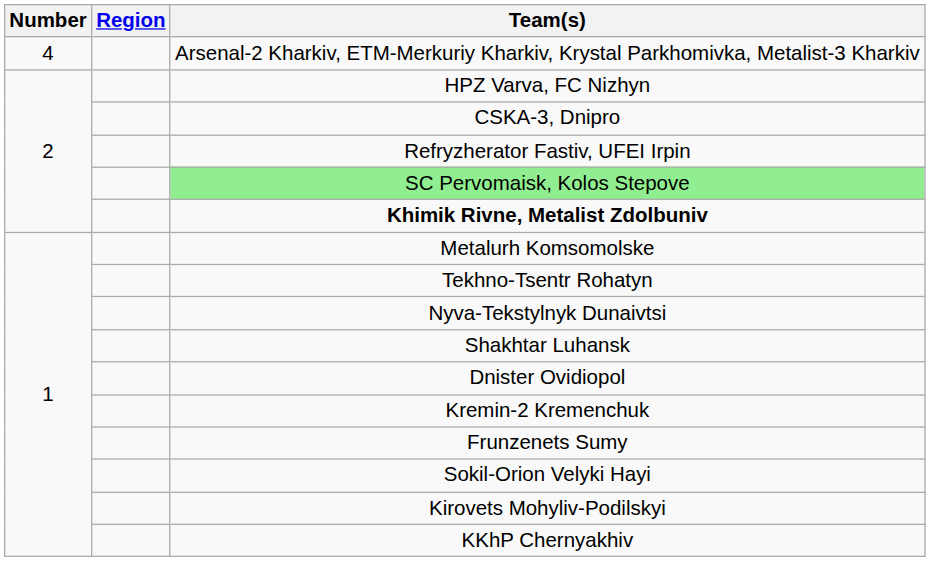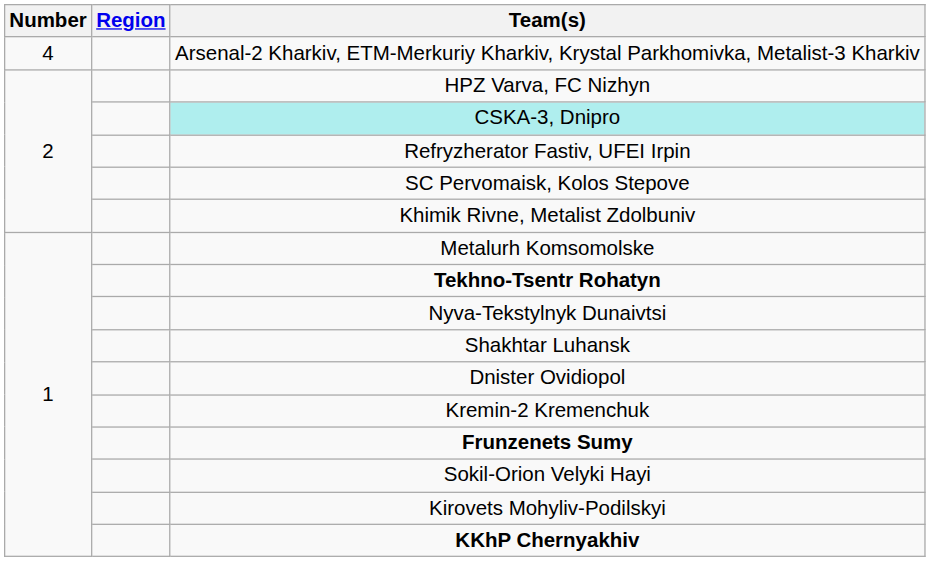 <table class="wikitable" style="text-align:center">
 <tr>
 <th>Number</th>
 <th><a href='#'>Region</a></th>
 <th>Team(s)</th>
 </tr>
 <tr>
 <td rowspan="1">4</td>
 <td align="left"></td>
 <td>Arsenal-2 Kharkiv, ETM-Merkuriy Kharkiv, Krystal Parkhomivka, Metalist-3 Kharkiv</td>
 </tr>
 <tr>
 <td rowspan="5">2</td>
 <td align="left"></td>
 <td>HPZ Varva, FC Nizhyn</td>
 </tr>
 <tr>
 <td align="left"></td>
-<td>CSKA-3, Dnipro</td>
+<td style="background: paleturquoise;">CSKA-3, Dnipro</td>
 </tr>
 <tr>
 <td align="left"></td>
 <td>Refryzherator Fastiv, UFEI Irpin</td>
 </tr>
 <tr>
 <td align="left"></td>
-<td style="background: lightgreen;">SC Pervomaisk, Kolos Stepove</td>
+<td>SC Pervomaisk, Kolos Stepove</td>
 </tr>
 <tr>
 <td align="left"></td>
-<td><strong>Khimik Rivne, Metalist Zdolbuniv</strong></td>
+<td>Khimik Rivne, Metalist Zdolbuniv</td>
 </tr>
 <tr>
 <td rowspan="16">1</td>
 <td align="left"></td>
 <td>Metalurh Komsomolske</td>
 </tr>
 <tr>
 <td align="left"></td>
-<td>Tekhno-Tsentr Rohatyn</td>
+<td><strong>Tekhno-Tsentr Rohatyn</strong></td>
 </tr>
 <tr>
 <td align="left"></td>
 <td>Nyva-Tekstylnyk Dunaivtsi</td>
 </tr>
 <tr>
 <td align="left"></td>
 <td>Shakhtar Luhansk</td>
 </tr>
 <tr>
 <td align="left"></td>
 <td>Dnister Ovidiopol</td>
 </tr>
 <tr>
 <td align="left"></td>
 <td>Kremin-2 Kremenchuk</td>
 </tr>
 <tr>
 <td align="left"></td>
-<td>Frunzenets Sumy</td>
+<td><strong>Frunzenets Sumy</strong></td>
 </tr>
 <tr>
 <td align="left"></td>
 <td>Sokil-Orion Velyki Hayi</td>
 </tr>
 <tr>
 <td align="left"></td>
 <td>Kirovets Mohyliv-Podilskyi</td>
 </tr>
 <tr>
 <td align="left"></td>
-<td>KKhP Chernyakhiv</td>
+<td><strong>KKhP Chernyakhiv</strong></td>
 </tr>
 </table>
